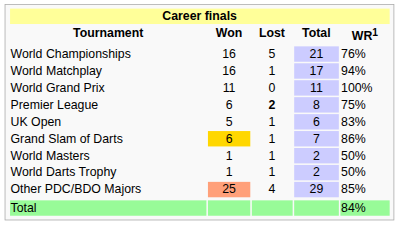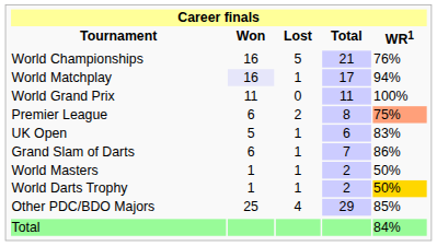 <table class="infobox vcard vevent" width=40%>
 <tr style="background:#ff9;">
 <th colspan=5>Career finals</th>
 </tr>
 <tr>
 <th>Tournament</th>
 <th>Won</th>
 <th>Lost</th>
 <th>Total</th>
 <th>WR<sup>1</sup></th>
 </tr>
 <tr>
 <td>World Championships</td>
 <td align=center>16</td>
 <td align=center>5</td>
 <td style="background:#ccf; text-align:center;">21</td>
 <td>76%</td>
 </tr>
 <tr>
 <td>World Matchplay</td>
-<td align=center>16</td>
+<td align=center style="background: lavender;">16</td>
 <td align=center>1</td>
 <td style="background:#ccf; text-align:center;">17</td>
 <td>94%</td>
 </tr>
 <tr>
 <td>World Grand Prix</td>
 <td align=center>11</td>
 <td align=center>0</td>
 <td style="background:#ccf; text-align:center;">11</td>
 <td>100%</td>
 </tr>
 <tr>
 <td>Premier League</td>
 <td align=center>6</td>
-<td align=center><strong>2</strong></td>
+<td align=center>2</td>
 <td style="background:#ccf; text-align:center;">8</td>
-<td>75%</td>
+<td style="background: lightsalmon;">75%</td>
 </tr>
 <tr>
 <td>UK Open</td>
 <td align=center>5</td>
 <td align=center>1</td>
 <td style="background:#ccf; text-align:center;">6</td>
 <td>83%</td>
 </tr>
 <tr>
 <td>Grand Slam of Darts</td>
-<td align=center style="background: gold;">6</td>
+<td align=center>6</td>
 <td align=center>1</td>
 <td style="background:#ccf; text-align:center;">7</td>
 <td>86%</td>
 </tr>
 <tr>
 <td>World Masters</td>
 <td align=center>1</td>
 <td align=center>1</td>
 <td style="background:#ccf; text-align:center;">2</td>
 <td>50%</td>
 </tr>
 <tr>
 <td>World Darts Trophy</td>
 <td align=center>1</td>
 <td align=center>1</td>
 <td style="background:#ccf; text-align:center;">2</td>
-<td>50%</td>
+<td style="background: gold;">50%</td>
 </tr>
 <tr>
 <td>Other PDC/BDO Majors</td>
-<td align=center style="background: lightsalmon;">25</td>
+<td align=center>25</td>
 <td align=center>4</td>
 <td style="background:#ccf; text-align:center;">29</td>
 <td>85%</td>
 </tr>
 <tr>
 </tr>
 <tr style="background:#98fb98;">
 <td>Total</td>
 <td align=center></td>
 <td align=center></td>
 <td align=center></td>
 <td>84%</td>
 </tr>
 </table>
